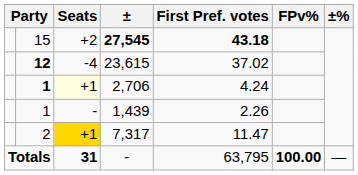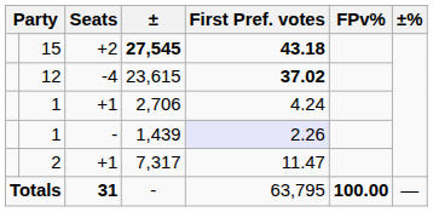 <table class=wikitable>
 <tr>
 <th colspan=2 align=center>Party</th>
 <th valign=top>Seats</th>
 <th valign=top>±</th>
 <th valign=top>First Pref. votes</th>
 <th valign=top>FPv%</th>
 <th valign=top>±%</th>
 </tr>
 <tr>
 <td></td>
 <td align=right>15</td>
 <td align=right>+2</td>
 <td align=right><strong>27,545</strong></td>
 <td align=right><strong>43.18</strong></td>
 <td align=right></td>
 </tr>
 <tr>
 <td></td>
-<td align=right><strong>12</strong></td>
+<td align=right>12</td>
 <td align=right>-4</td>
 <td align=right>23,615</td>
-<td align=right>37.02</td>
+<td align=right><strong>37.02</strong></td>
 <td align=right></td>
 </tr>
 <tr>
 <td></td>
-<td align=right><strong>1</strong></td>
-<td align=right style="background: lightyellow;">+1</td>
+<td align=right>1</td>
+<td align=right>+1</td>
 <td align=right>2,706</td>
 <td align=right>4.24</td>
 <td align=right></td>
 </tr>
 <tr>
 <td></td>
 <td align=right>1</td>
 <td align=right>-</td>
 <td align=right>1,439</td>
-<td align=right>2.26</td>
+<td align=right style="background: lavender;">2.26</td>
 <td align=right></td>
 </tr>
 <tr>
 <td></td>
 <td align=right>2</td>
-<td align=right style="background: gold;">+1</td>
+<td align=right>+1</td>
 <td align=right>7,317</td>
 <td align=right>11.47</td>
 <td align=right></td>
 </tr>
 <tr>
 <td colspan=2 align=center><strong>Totals</strong></td>
 <td align=right><strong>31</strong></td>
 <td align=center>-</td>
 <td align=right>63,795</td>
 <td align=center><strong>100.00</strong></td>
 <td align=center>—</td>
 </tr>
 </table>
